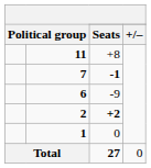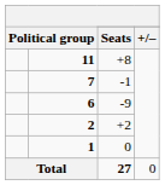 <table class="wikitable" style="text-align:right">
 <tr>
 <th colspan="4"><br></th>
 </tr>
 <tr>
 <th colspan=2 rowspan=2>Political group</th>
 </tr>
 <tr>
 <th>Seats</th>
 <th>+/⁠–</th>
 </tr>
 <tr>
 <td></td>
 <td><strong>11</strong></td>
 <td>+8</td>
 </tr>
 <tr>
 <td></td>
 <td><strong>7</strong></td>
-<td><strong>-1</strong></td>
+<td>-1</td>
 </tr>
 <tr>
 <td></td>
 <td><strong>6</strong></td>
 <td>-9</td>
 </tr>
 <tr>
 <td></td>
 <td><strong>2</strong></td>
-<td><strong>+2</strong></td>
+<td>+2</td>
 </tr>
 <tr>
 <td></td>
 <td><strong>1</strong></td>
 <td>0</td>
 </tr>
 <tr>
 <th colspan=2>Total</th>
 <td><strong>27</strong></td>
 <td>0</td>
 </tr>
 </table>
